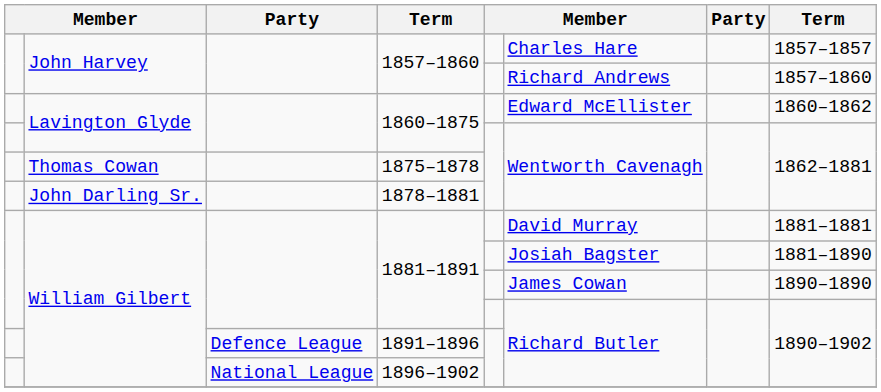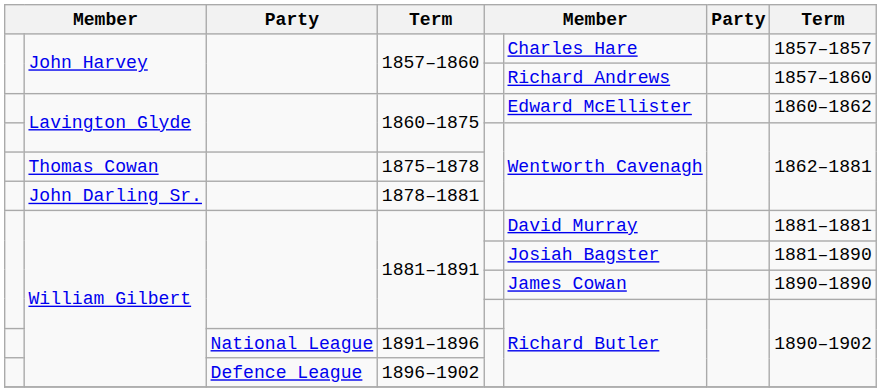 <table class="wikitable">
 <tr>
 <th colspan=2>Member</th>
 <th>Party</th>
 <th>Term</th>
 <th colspan=2>Member</th>
 <th>Party</th>
 <th>Term</th>
 </tr>
 <tr>
 <td rowspan=2 > </td>
 <td rowspan=2><a href='#'>John Harvey</a></td>
 <td rowspan=2></td>
 <td rowspan=2>1857–1860</td>
 <td> </td>
 <td><a href='#'>Charles Hare</a></td>
 <td></td>
 <td>1857–1857</td>
 </tr>
 <tr>
 <td> </td>
 <td><a href='#'>Richard Andrews</a></td>
 <td></td>
 <td>1857–1860</td>
 </tr>
 <tr>
 <td> </td>
 <td rowspan=2><a href='#'>Lavington Glyde</a></td>
 <td rowspan=2></td>
 <td rowspan=2>1860–1875</td>
 <td> </td>
 <td><a href='#'>Edward McEllister</a></td>
 <td></td>
 <td>1860–1862</td>
 </tr>
 <tr>
 <td> </td>
 <td rowspan=3 > </td>
 <td rowspan=3><a href='#'>Wentworth Cavenagh</a></td>
 <td rowspan=3></td>
 <td rowspan=3>1862–1881</td>
 </tr>
 <tr>
 <td> </td>
 <td><a href='#'>Thomas Cowan</a></td>
 <td></td>
 <td>1875–1878</td>
 </tr>
 <tr>
 <td> </td>
 <td><a href='#'>John Darling Sr.</a></td>
 <td></td>
 <td>1878–1881</td>
 </tr>
 <tr>
 <td rowspan=4 > </td>
 <td rowspan=6><a href='#'>William Gilbert</a></td>
 <td rowspan=4></td>
 <td rowspan=4>1881–1891</td>
 <td> </td>
 <td><a href='#'>David Murray</a></td>
 <td></td>
 <td>1881–1881</td>
 </tr>
 <tr>
 <td> </td>
 <td><a href='#'>Josiah Bagster</a></td>
 <td></td>
 <td>1881–1890</td>
 </tr>
 <tr>
 <td> </td>
 <td><a href='#'>James Cowan</a></td>
 <td></td>
 <td>1890–1890</td>
 </tr>
 <tr>
 <td> </td>
 <td rowspan=3><a href='#'>Richard Butler</a></td>
 <td rowspan=3></td>
 <td rowspan=3>1890–1902</td>
 </tr>
 <tr>
 <td> </td>
-<td><a href='#'>Defence League</a></td>
+<td><a href='#'>National League</a></td>
 <td>1891–1896</td>
 <td rowspan=2 > </td>
 </tr>
 <tr>
 <td> </td>
-<td><a href='#'>National League</a></td>
+<td><a href='#'>Defence League</a></td>
 <td>1896–1902</td>
 </tr>
 <tr>
 </tr>
 </table>
